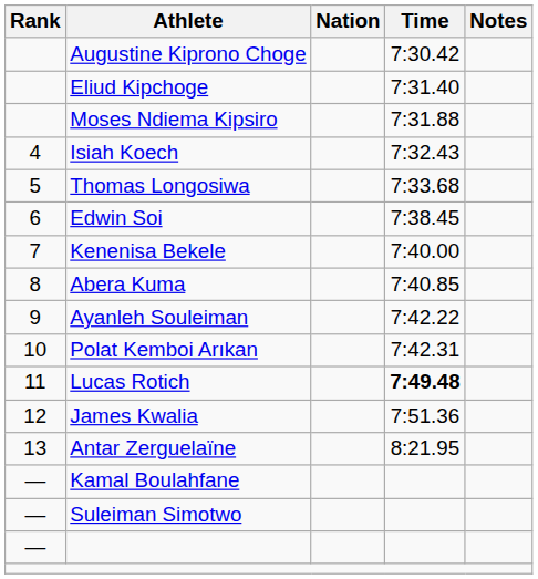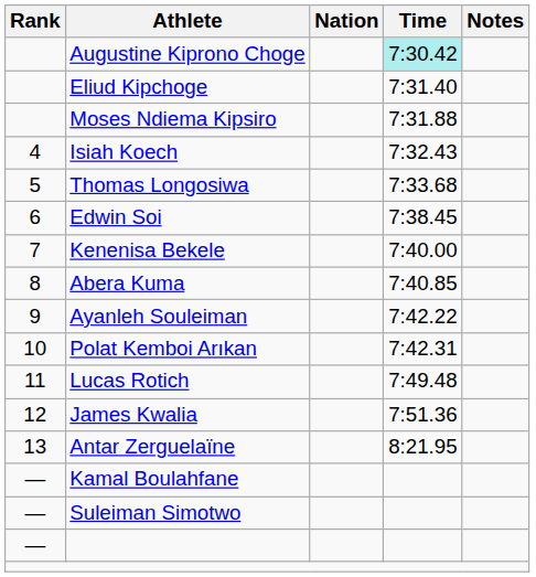 <table class="wikitable mw-datatable sortable" style="text-align:center;">
 <tr>
 <th>Rank</th>
 <th>Athlete</th>
 <th>Nation</th>
 <th>Time</th>
 <th>Notes</th>
 </tr>
 <tr>
 <td></td>
 <td align=left><a href='#'>Augustine Kiprono Choge</a></td>
 <td align=left></td>
-<td>7:30.42</td>
+<td style="background: paleturquoise;">7:30.42</td>
 <td></td>
 </tr>
 <tr>
 <td></td>
 <td align=left><a href='#'>Eliud Kipchoge</a></td>
 <td align=left></td>
 <td>7:31.40</td>
 <td></td>
 </tr>
 <tr>
 <td></td>
 <td align=left><a href='#'>Moses Ndiema Kipsiro</a></td>
 <td align=left></td>
 <td>7:31.88</td>
 <td></td>
 </tr>
 <tr>
 <td>4</td>
 <td align=left><a href='#'>Isiah Koech</a></td>
 <td align=left></td>
 <td>7:32.43</td>
 <td></td>
 </tr>
 <tr>
 <td>5</td>
 <td align=left><a href='#'>Thomas Longosiwa</a></td>
 <td align=left></td>
 <td>7:33.68</td>
 <td></td>
 </tr>
 <tr>
 <td>6</td>
 <td align=left><a href='#'>Edwin Soi</a></td>
 <td align=left></td>
 <td>7:38.45</td>
 <td></td>
 </tr>
 <tr>
 <td>7</td>
 <td align=left><a href='#'>Kenenisa Bekele</a></td>
 <td align=left></td>
 <td>7:40.00</td>
 <td></td>
 </tr>
 <tr>
 <td>8</td>
 <td align=left><a href='#'>Abera Kuma</a></td>
 <td align=left></td>
 <td>7:40.85</td>
 <td></td>
 </tr>
 <tr>
 <td>9</td>
 <td align=left><a href='#'>Ayanleh Souleiman</a></td>
 <td align=left></td>
 <td>7:42.22</td>
 <td><strong></strong></td>
 </tr>
 <tr>
 <td>10</td>
 <td align=left><a href='#'>Polat Kemboi Arıkan</a></td>
 <td align=left></td>
 <td>7:42.31</td>
 <td><strong></strong></td>
 </tr>
 <tr>
 <td>11</td>
 <td align=left><a href='#'>Lucas Rotich</a></td>
 <td align=left></td>
-<td><strong>7:49.48</strong></td>
+<td>7:49.48</td>
 <td></td>
 </tr>
 <tr>
 <td>12</td>
 <td align=left><a href='#'>James Kwalia</a></td>
 <td align=left></td>
 <td>7:51.36</td>
 <td></td>
 </tr>
 <tr>
 <td>13</td>
 <td align=left><a href='#'>Antar Zerguelaïne</a></td>
 <td align=left></td>
 <td>8:21.95</td>
 <td></td>
 </tr>
 <tr>
 <td>—</td>
 <td align=left><a href='#'>Kamal Boulahfane</a></td>
 <td align=left></td>
 <td></td>
 <td></td>
 </tr>
 <tr>
 <td>—</td>
 <td align=left><a href='#'>Suleiman Simotwo</a></td>
 <td align=left></td>
 <td></td>
 <td></td>
 </tr>
 <tr>
 <td>—</td>
 <td align=left></td>
 <td align=left></td>
 <td></td>
 <td></td>
 </tr>
 <tr class="sortbottom">
 <td colspan=5></td>
 </tr>
 </table>
